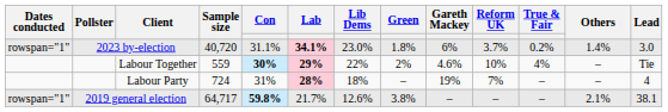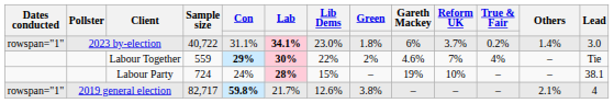 <table class="wikitable sortable tpl-blanktable" style="text-align:center;font-size:90%;line-height:14px;">
 <tr>
 <th rowspan="2">Dates<br>conducted</th>
 <th rowspan="2">Pollster</th>
 <th rowspan="2">Client</th>
 <th rowspan="2" data-sort-type="number">Sample<br>size</th>
 <th class="unsortable" style="width:50px;"><a href='#'>Con</a></th>
 <th class="unsortable" style="width:50px;"><a href='#'>Lab</a></th>
 <th class="unsortable" style="width:50px;"><a href='#'>Lib Dems</a></th>
 <th class="unsortable" style="width:50px;"><a href='#'>Green</a></th>
 <th class="unsortable" style="width:50px;">Gareth Mackey</th>
 <th class="unsortable" style="width:50px;"><a href='#'>Reform UK</a></th>
 <th class="unsortable" style="width:50px;"><a href='#'>True & Fair</a></th>
 <th rowspan="2" class="unsortable" style="width:75px;">Others</th>
 <th rowspan="2" data-sort-type="number">Lead</th>
 </tr>
 <tr>
 <th data-sort-type="number" style="background:"></th>
 <th data-sort-type="number" style="background:"></th>
 <th data-sort-type="number" style="background:"></th>
 <th data-sort-type="number" style="background:"></th>
 <th data-sort-type="number" style="background:"></th>
 <th data-sort-type="number" style="background:"></th>
 <th data-sort-type="number" style="background:"></th>
 </tr>
 <tr style="background:#E9E9E9;">
 <td>rowspan="1" </td>
 <td colspan="2" rowspan="1"><a href='#'>2023 by-election</a></td>
-<td>40,720</td>
+<td>40,722</td>
 <td>31.1%</td>
 <td style="background:#FFCCD9;"><strong>34.1%</strong></td>
 <td>23.0%</td>
 <td>1.8%</td>
 <td>6%</td>
 <td>3.7%</td>
 <td>0.2%</td>
 <td>1.4%</td>
 <td style="background:">3.0</td>
 </tr>
 <tr>
 <td></td>
 <td></td>
 <td>Labour Together</td>
 <td>559</td>
-<td style="background:#CCEBFF;"><strong>30%</strong></td>
-<td style="background:#FFCCD9;"><strong>29%</strong></td>
+<td style="background:#CCEBFF;"><strong>29%</strong></td>
+<td style="background:#FFCCD9;"><strong>30%</strong></td>
 <td>22%</td>
 <td>2%</td>
 <td>4.6%</td>
-<td>10%</td>
+<td>7%</td>
 <td>4%</td>
 <td>–</td>
 <td data-sort-value="0">Tie</td>
 </tr>
 <tr>
 <td></td>
 <td></td>
 <td>Labour Party</td>
 <td>724</td>
-<td>31%</td>
+<td>24%</td>
 <td style="background:#FFCCD9;"><strong>28%</strong></td>
-<td>18%</td>
+<td>15%</td>
 <td>–</td>
 <td>19%</td>
-<td>7%</td>
+<td>10%</td>
 <td>–</td>
 <td>–</td>
-<td style="background:">4</td>
+<td style="background:">38.1</td>
 </tr>
 <tr style="background:#E9E9E9;">
 <td>rowspan="1" </td>
 <td colspan="2" rowspan="1"><a href='#'>2019 general election</a></td>
-<td>64,717</td>
+<td>82,717</td>
 <td style="background:#CCEBFF;"><strong>59.8%</strong></td>
 <td>21.7%</td>
 <td>12.6%</td>
 <td>3.8%</td>
 <td>–</td>
 <td>–</td>
 <td>–</td>
 <td>2.1%</td>
-<td style="background:">38.1</td>
+<td style="background:">4</td>
 </tr>
 </table>
